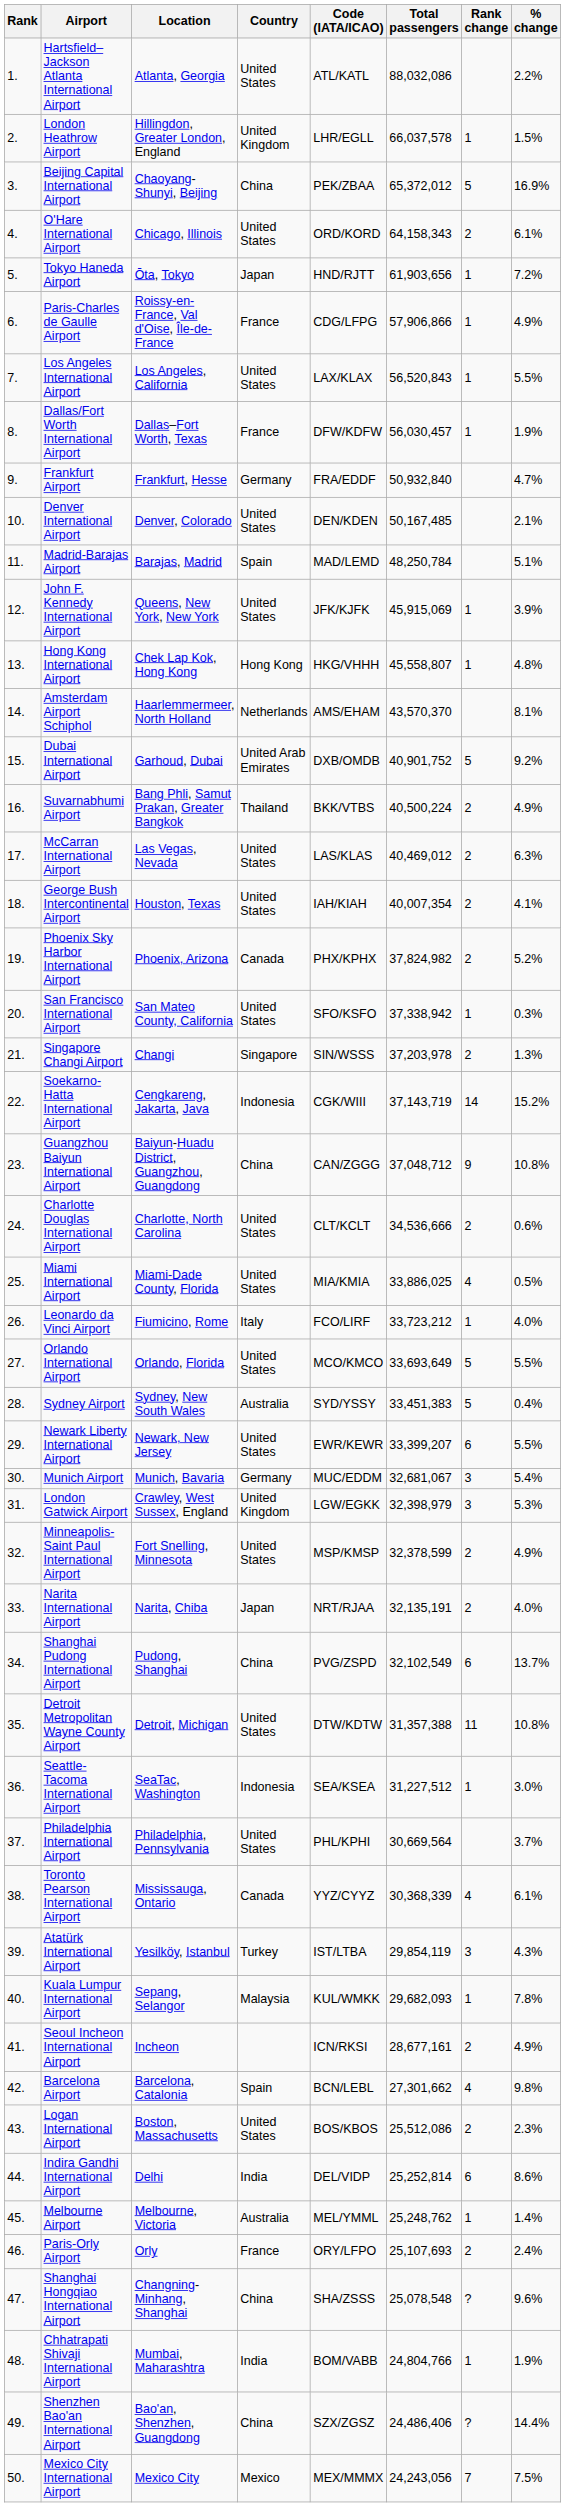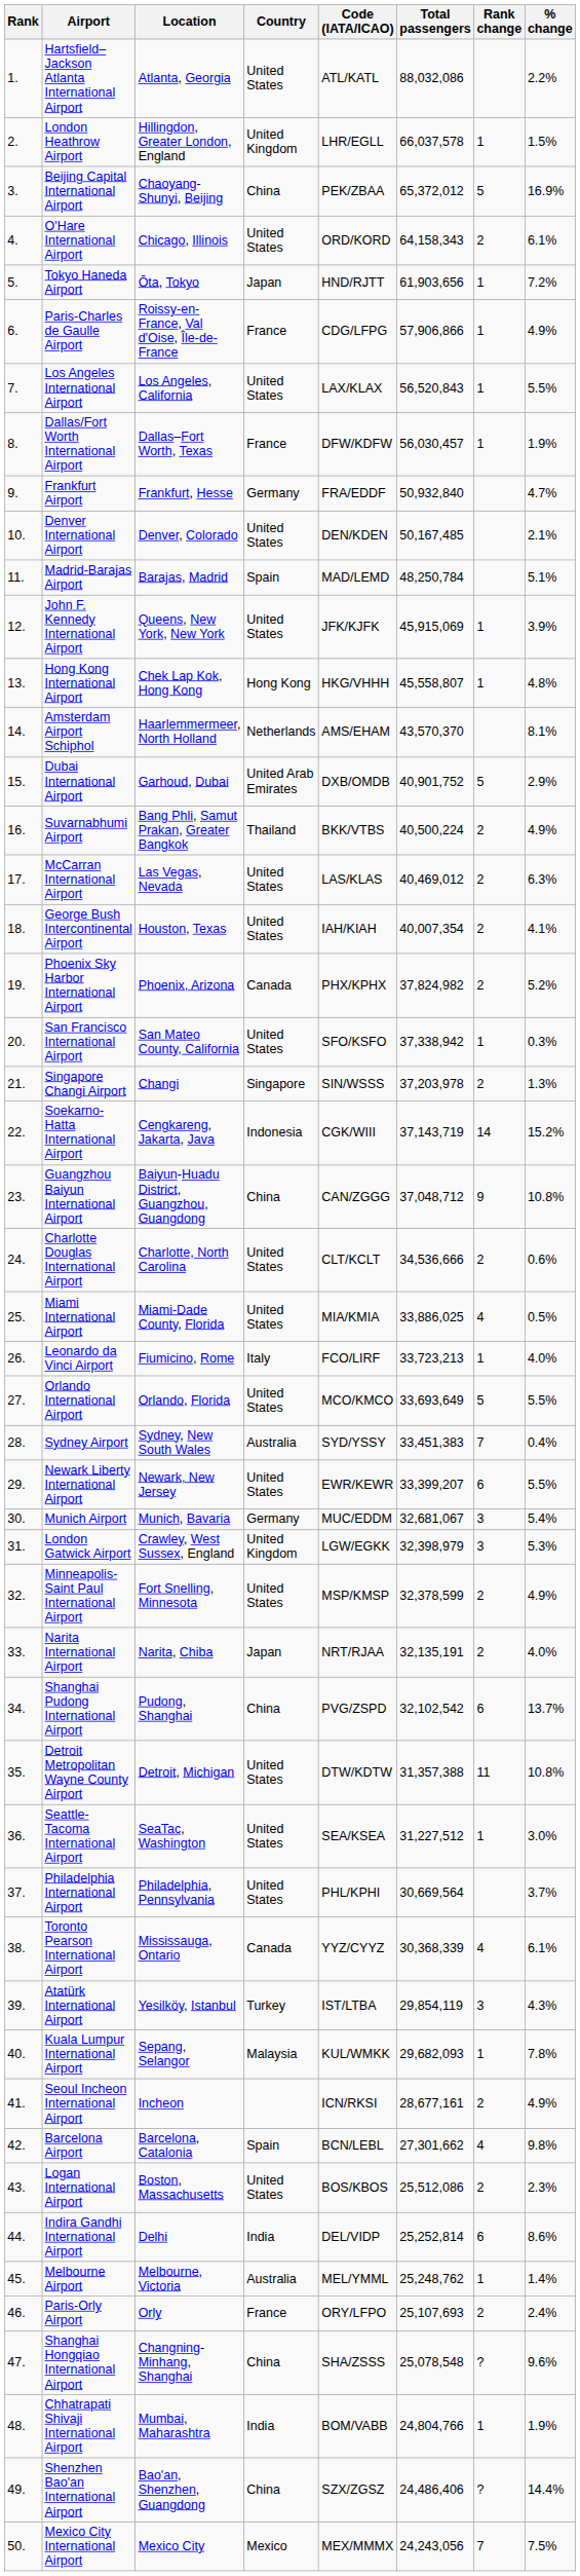 <table class="wikitable sortable" style="-size: 85%" width= align=>
 <tr style="background:lightgrey;">
 <th>Rank</th>
 <th>Airport</th>
 <th>Location</th>
 <th>Country</th>
 <th>Code<br>(IATA/ICAO)</th>
 <th>Total<br>passengers</th>
 <th>Rank<br>change</th>
 <th>%<br>change</th>
 </tr>
 <tr>
 <td>1.</td>
 <td> <a href='#'>Hartsfield–Jackson Atlanta International Airport</a></td>
 <td><a href='#'>Atlanta</a>, <a href='#'>Georgia</a></td>
 <td>United States</td>
 <td>ATL/KATL</td>
 <td>88,032,086</td>
 <td></td>
 <td>2.2%</td>
 </tr>
 <tr>
 <td>2.</td>
 <td> <a href='#'>London Heathrow Airport</a></td>
 <td><a href='#'>Hillingdon</a>, <a href='#'>Greater London</a>, England</td>
 <td>United Kingdom</td>
 <td>LHR/EGLL</td>
 <td>66,037,578</td>
 <td>1</td>
 <td>1.5%</td>
 </tr>
 <tr>
 <td>3.</td>
 <td> <a href='#'>Beijing Capital International Airport</a></td>
 <td><a href='#'>Chaoyang</a>-<a href='#'>Shunyi</a>, <a href='#'>Beijing</a></td>
 <td>China</td>
 <td>PEK/ZBAA</td>
 <td>65,372,012</td>
 <td>5</td>
 <td>16.9%</td>
 </tr>
 <tr>
 <td>4.</td>
 <td> <a href='#'>O'Hare International Airport</a></td>
 <td><a href='#'>Chicago</a>, <a href='#'>Illinois</a></td>
 <td>United States</td>
 <td>ORD/KORD</td>
 <td>64,158,343</td>
 <td>2</td>
 <td>6.1%</td>
 </tr>
 <tr>
 <td>5.</td>
 <td> <a href='#'>Tokyo Haneda Airport</a></td>
 <td><a href='#'>Ōta</a>, <a href='#'>Tokyo</a></td>
 <td>Japan</td>
 <td>HND/RJTT</td>
 <td>61,903,656</td>
 <td>1</td>
 <td>7.2%</td>
 </tr>
 <tr>
 <td>6.</td>
 <td> <a href='#'>Paris-Charles de Gaulle Airport</a></td>
 <td><a href='#'>Roissy-en-France</a>, <a href='#'>Val d'Oise</a>, <a href='#'>Île-de-France</a></td>
 <td>France</td>
 <td>CDG/LFPG</td>
 <td>57,906,866</td>
 <td>1</td>
 <td>4.9%</td>
 </tr>
 <tr>
 <td>7.</td>
 <td> <a href='#'>Los Angeles International Airport</a></td>
 <td><a href='#'>Los Angeles</a>, <a href='#'>California</a></td>
 <td>United States</td>
 <td>LAX/KLAX</td>
 <td>56,520,843</td>
 <td>1</td>
 <td>5.5%</td>
 </tr>
 <tr>
 <td>8.</td>
 <td> <a href='#'>Dallas/Fort Worth International Airport</a></td>
 <td><a href='#'>Dallas</a>–<a href='#'>Fort Worth</a>, <a href='#'>Texas</a></td>
 <td>France</td>
 <td>DFW/KDFW</td>
 <td>56,030,457</td>
 <td>1</td>
 <td>1.9%</td>
 </tr>
 <tr>
 <td>9.</td>
 <td> <a href='#'>Frankfurt Airport</a></td>
 <td><a href='#'>Frankfurt</a>, <a href='#'>Hesse</a></td>
 <td>Germany</td>
 <td>FRA/EDDF</td>
 <td>50,932,840</td>
 <td></td>
 <td>4.7%</td>
 </tr>
 <tr>
 <td>10.</td>
 <td> <a href='#'>Denver International Airport</a></td>
 <td><a href='#'>Denver</a>, <a href='#'>Colorado</a></td>
 <td>United States</td>
 <td>DEN/KDEN</td>
 <td>50,167,485</td>
 <td></td>
 <td>2.1%</td>
 </tr>
 <tr>
 <td>11.</td>
 <td> <a href='#'>Madrid-Barajas Airport</a></td>
 <td><a href='#'>Barajas</a>, <a href='#'>Madrid</a></td>
 <td>Spain</td>
 <td>MAD/LEMD</td>
 <td>48,250,784</td>
 <td></td>
 <td>5.1%</td>
 </tr>
 <tr>
 <td>12.</td>
 <td> <a href='#'>John F. Kennedy International Airport</a></td>
 <td><a href='#'>Queens</a>, <a href='#'>New York</a>, <a href='#'>New York</a></td>
 <td>United States</td>
 <td>JFK/KJFK</td>
 <td>45,915,069</td>
 <td>1</td>
 <td>3.9%</td>
 </tr>
 <tr>
 <td>13.</td>
 <td> <a href='#'>Hong Kong International Airport</a></td>
 <td><a href='#'>Chek Lap Kok</a>, <a href='#'>Hong Kong</a></td>
 <td>Hong Kong</td>
 <td>HKG/VHHH</td>
 <td>45,558,807</td>
 <td>1</td>
 <td>4.8%</td>
 </tr>
 <tr>
 <td>14.</td>
 <td> <a href='#'>Amsterdam Airport Schiphol</a></td>
 <td><a href='#'>Haarlemmermeer</a>, <a href='#'>North Holland</a></td>
 <td>Netherlands</td>
 <td>AMS/EHAM</td>
 <td>43,570,370</td>
 <td></td>
 <td>8.1%</td>
 </tr>
 <tr>
 <td>15.</td>
 <td> <a href='#'>Dubai International Airport</a></td>
 <td><a href='#'>Garhoud</a>, <a href='#'>Dubai</a></td>
 <td>United Arab Emirates</td>
 <td>DXB/OMDB</td>
 <td>40,901,752</td>
 <td>5</td>
-<td>9.2%</td>
+<td>2.9%</td>
 </tr>
 <tr>
 <td>16.</td>
 <td> <a href='#'>Suvarnabhumi Airport</a></td>
 <td><a href='#'>Bang Phli</a>, <a href='#'>Samut Prakan</a>, <a href='#'>Greater Bangkok</a></td>
 <td>Thailand</td>
 <td>BKK/VTBS</td>
 <td>40,500,224</td>
 <td>2</td>
 <td>4.9%</td>
 </tr>
 <tr>
 <td>17.</td>
 <td> <a href='#'>McCarran International Airport</a></td>
 <td><a href='#'>Las Vegas</a>, <a href='#'>Nevada</a></td>
 <td>United States</td>
 <td>LAS/KLAS</td>
 <td>40,469,012</td>
 <td>2</td>
 <td>6.3%</td>
 </tr>
 <tr>
 <td>18.</td>
 <td> <a href='#'>George Bush Intercontinental Airport</a></td>
 <td><a href='#'>Houston</a>, <a href='#'>Texas</a></td>
 <td>United States</td>
 <td>IAH/KIAH</td>
 <td>40,007,354</td>
 <td>2</td>
 <td>4.1%</td>
 </tr>
 <tr>
 <td>19.</td>
 <td> <a href='#'>Phoenix Sky Harbor International Airport</a></td>
 <td><a href='#'>Phoenix, Arizona</a></td>
 <td>Canada</td>
 <td>PHX/KPHX</td>
 <td>37,824,982</td>
 <td>2</td>
 <td>5.2%</td>
 </tr>
 <tr>
 <td>20.</td>
 <td> <a href='#'>San Francisco International Airport</a></td>
 <td><a href='#'>San Mateo County, California</a></td>
 <td>United States</td>
 <td>SFO/KSFO</td>
 <td>37,338,942</td>
 <td>1</td>
 <td>0.3%</td>
 </tr>
 <tr>
 <td>21.</td>
 <td> <a href='#'>Singapore Changi Airport</a></td>
 <td><a href='#'>Changi</a></td>
 <td>Singapore</td>
 <td>SIN/WSSS</td>
 <td>37,203,978</td>
 <td>2</td>
 <td>1.3%</td>
 </tr>
 <tr>
 <td>22.</td>
 <td> <a href='#'>Soekarno-Hatta International Airport</a></td>
 <td><a href='#'>Cengkareng</a>, <a href='#'>Jakarta</a>, <a href='#'>Java</a></td>
 <td>Indonesia</td>
 <td>CGK/WIII</td>
 <td>37,143,719</td>
 <td>14</td>
 <td>15.2%</td>
 </tr>
 <tr>
 <td>23.</td>
 <td> <a href='#'>Guangzhou Baiyun International Airport</a></td>
 <td><a href='#'>Baiyun</a>-<a href='#'>Huadu District</a>, <a href='#'>Guangzhou</a>, <a href='#'>Guangdong</a></td>
 <td>China</td>
 <td>CAN/ZGGG</td>
 <td>37,048,712</td>
 <td>9</td>
 <td>10.8%</td>
 </tr>
 <tr>
 <td>24.</td>
 <td> <a href='#'>Charlotte Douglas International Airport</a></td>
 <td><a href='#'>Charlotte, North Carolina</a></td>
 <td>United States</td>
 <td>CLT/KCLT</td>
 <td>34,536,666</td>
 <td>2</td>
 <td>0.6%</td>
 </tr>
 <tr>
 <td>25.</td>
 <td> <a href='#'>Miami International Airport</a></td>
 <td><a href='#'>Miami-Dade County</a>, <a href='#'>Florida</a></td>
 <td>United States</td>
 <td>MIA/KMIA</td>
 <td>33,886,025</td>
 <td>4</td>
 <td>0.5%</td>
 </tr>
 <tr>
 <td>26.</td>
 <td> <a href='#'>Leonardo da Vinci Airport</a></td>
 <td><a href='#'>Fiumicino</a>, <a href='#'>Rome</a></td>
 <td>Italy</td>
 <td>FCO/LIRF</td>
-<td>33,723,212</td>
+<td>33,723,213</td>
 <td>1</td>
 <td>4.0%</td>
 </tr>
 <tr>
 <td>27.</td>
 <td> <a href='#'>Orlando International Airport</a></td>
 <td><a href='#'>Orlando</a>, <a href='#'>Florida</a></td>
 <td>United States</td>
 <td>MCO/KMCO</td>
 <td>33,693,649</td>
 <td>5</td>
 <td>5.5%</td>
 </tr>
 <tr>
 <td>28.</td>
 <td> <a href='#'>Sydney Airport</a></td>
 <td><a href='#'>Sydney</a>, <a href='#'>New South Wales</a></td>
 <td>Australia</td>
 <td>SYD/YSSY</td>
 <td>33,451,383</td>
-<td>5</td>
+<td>7</td>
 <td>0.4%</td>
 </tr>
 <tr>
 <td>29.</td>
 <td> <a href='#'>Newark Liberty International Airport</a></td>
 <td><a href='#'>Newark, New Jersey</a></td>
 <td>United States</td>
 <td>EWR/KEWR</td>
 <td>33,399,207</td>
 <td>6</td>
 <td>5.5%</td>
 </tr>
 <tr>
 <td>30.</td>
 <td> <a href='#'>Munich Airport</a></td>
 <td><a href='#'>Munich</a>, <a href='#'>Bavaria</a></td>
 <td>Germany</td>
 <td>MUC/EDDM</td>
 <td>32,681,067</td>
 <td>3</td>
 <td>5.4%</td>
 </tr>
 <tr>
 <td>31.</td>
 <td> <a href='#'>London Gatwick Airport</a></td>
 <td><a href='#'>Crawley</a>, <a href='#'>West Sussex</a>, England</td>
 <td>United Kingdom</td>
 <td>LGW/EGKK</td>
 <td>32,398,979</td>
 <td>3</td>
 <td>5.3%</td>
 </tr>
 <tr>
 <td>32.</td>
 <td> <a href='#'>Minneapolis-Saint Paul International Airport</a></td>
 <td><a href='#'>Fort Snelling</a>, <a href='#'>Minnesota</a></td>
 <td>United States</td>
 <td>MSP/KMSP</td>
 <td>32,378,599</td>
 <td>2</td>
 <td>4.9%</td>
 </tr>
 <tr>
 <td>33.</td>
 <td> <a href='#'>Narita International Airport</a></td>
 <td><a href='#'>Narita</a>, <a href='#'>Chiba</a></td>
 <td>Japan</td>
 <td>NRT/RJAA</td>
 <td>32,135,191</td>
 <td>2</td>
 <td>4.0%</td>
 </tr>
 <tr>
 <td>34.</td>
 <td> <a href='#'>Shanghai Pudong International Airport</a></td>
 <td><a href='#'>Pudong</a>, <a href='#'>Shanghai</a></td>
 <td>China</td>
 <td>PVG/ZSPD</td>
-<td>32,102,549</td>
+<td>32,102,542</td>
 <td>6</td>
 <td>13.7%</td>
 </tr>
 <tr>
 <td>35.</td>
 <td> <a href='#'>Detroit Metropolitan Wayne County Airport</a></td>
 <td><a href='#'>Detroit</a>, <a href='#'>Michigan</a></td>
 <td>United States</td>
 <td>DTW/KDTW</td>
 <td>31,357,388</td>
 <td>11</td>
 <td>10.8%</td>
 </tr>
 <tr>
 <td>36.</td>
 <td> <a href='#'>Seattle-Tacoma International Airport</a></td>
 <td><a href='#'>SeaTac</a>, <a href='#'>Washington</a></td>
-<td>Indonesia</td>
+<td>United States</td>
 <td>SEA/KSEA</td>
 <td>31,227,512</td>
 <td>1</td>
 <td>3.0%</td>
 </tr>
 <tr>
 <td>37.</td>
 <td> <a href='#'>Philadelphia International Airport</a></td>
 <td><a href='#'>Philadelphia</a>, <a href='#'>Pennsylvania</a></td>
 <td>United States</td>
 <td>PHL/KPHI</td>
 <td>30,669,564</td>
 <td></td>
 <td>3.7%</td>
 </tr>
 <tr>
 <td>38.</td>
 <td> <a href='#'>Toronto Pearson International Airport</a></td>
 <td><a href='#'>Mississauga</a>, <a href='#'>Ontario</a></td>
 <td>Canada</td>
 <td>YYZ/CYYZ</td>
 <td>30,368,339</td>
 <td>4</td>
 <td>6.1%</td>
 </tr>
 <tr>
 <td>39.</td>
 <td> <a href='#'>Atatürk International Airport</a></td>
 <td><a href='#'>Yesilköy</a>, <a href='#'>Istanbul</a></td>
 <td>Turkey</td>
 <td>IST/LTBA</td>
 <td>29,854,119</td>
 <td>3</td>
 <td>4.3%</td>
 </tr>
 <tr>
 <td>40.</td>
 <td> <a href='#'>Kuala Lumpur International Airport</a></td>
 <td><a href='#'>Sepang</a>, <a href='#'>Selangor</a></td>
 <td>Malaysia</td>
 <td>KUL/WMKK</td>
 <td>29,682,093</td>
 <td>1</td>
 <td>7.8%</td>
 </tr>
 <tr>
 <td>41.</td>
 <td> <a href='#'>Seoul Incheon International Airport</a></td>
 <td><a href='#'>Incheon</a></td>
 <td></td>
 <td>ICN/RKSI</td>
 <td>28,677,161</td>
 <td>2</td>
 <td>4.9%</td>
 </tr>
 <tr>
 <td>42.</td>
 <td> <a href='#'>Barcelona Airport</a></td>
 <td><a href='#'>Barcelona</a>, <a href='#'>Catalonia</a></td>
 <td>Spain</td>
 <td>BCN/LEBL</td>
 <td>27,301,662</td>
 <td>4</td>
 <td>9.8%</td>
 </tr>
 <tr>
 <td>43.</td>
 <td> <a href='#'>Logan International Airport</a></td>
 <td><a href='#'>Boston</a>, <a href='#'>Massachusetts</a></td>
 <td>United States</td>
 <td>BOS/KBOS</td>
 <td>25,512,086</td>
 <td>2</td>
 <td>2.3%</td>
 </tr>
 <tr>
 <td>44.</td>
 <td> <a href='#'>Indira Gandhi International Airport</a></td>
 <td><a href='#'>Delhi</a></td>
 <td>India</td>
 <td>DEL/VIDP</td>
 <td>25,252,814</td>
 <td>6</td>
 <td>8.6%</td>
 </tr>
 <tr>
 <td>45.</td>
 <td> <a href='#'>Melbourne Airport</a></td>
 <td><a href='#'>Melbourne</a>, <a href='#'>Victoria</a></td>
 <td>Australia</td>
 <td>MEL/YMML</td>
 <td>25,248,762</td>
 <td>1</td>
 <td>1.4%</td>
 </tr>
 <tr>
 <td>46.</td>
 <td> <a href='#'>Paris-Orly Airport</a></td>
 <td><a href='#'>Orly</a></td>
 <td>France</td>
 <td>ORY/LFPO</td>
 <td>25,107,693</td>
 <td>2</td>
 <td>2.4%</td>
 </tr>
 <tr>
 <td>47.</td>
 <td> <a href='#'>Shanghai Hongqiao International Airport</a></td>
 <td><a href='#'>Changning</a>-<a href='#'>Minhang</a>, <a href='#'>Shanghai</a></td>
 <td>China</td>
 <td>SHA/ZSSS</td>
 <td>25,078,548</td>
 <td>?</td>
 <td>9.6%</td>
 </tr>
 <tr>
 <td>48.</td>
 <td> <a href='#'>Chhatrapati Shivaji International Airport</a></td>
 <td><a href='#'>Mumbai</a>, <a href='#'>Maharashtra</a></td>
 <td>India</td>
 <td>BOM/VABB</td>
 <td>24,804,766</td>
 <td>1</td>
 <td>1.9%</td>
 </tr>
 <tr>
 <td>49.</td>
 <td> <a href='#'>Shenzhen Bao'an International Airport</a></td>
 <td><a href='#'>Bao'an</a>, <a href='#'>Shenzhen</a>, <a href='#'>Guangdong</a></td>
 <td>China</td>
 <td>SZX/ZGSZ</td>
 <td>24,486,406</td>
 <td>?</td>
 <td>14.4%</td>
 </tr>
 <tr>
 <td>50.</td>
 <td> <a href='#'>Mexico City International Airport</a></td>
 <td><a href='#'>Mexico City</a></td>
 <td>Mexico</td>
 <td>MEX/MMMX</td>
 <td>24,243,056</td>
 <td>7</td>
 <td>7.5%</td>
 </tr>
 </table>
